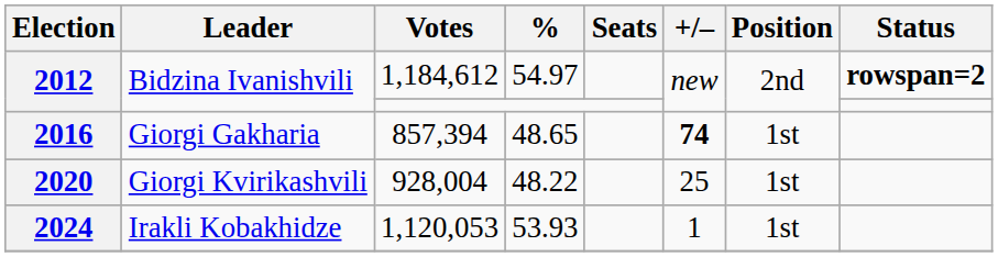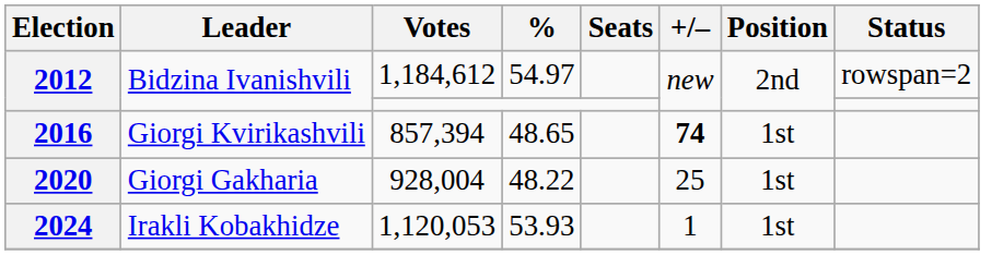 <table class="wikitable" style="text-align: center;">
 <tr>
 <th>Election</th>
 <th>Leader</th>
 <th>Votes</th>
 <th>%</th>
 <th>Seats</th>
 <th>+/–</th>
 <th>Position</th>
 <th>Status</th>
 </tr>
 <tr>
 <th rowspan=2><a href='#'>2012</a></th>
 <td rowspan=2 align="left"><a href='#'>Bidzina Ivanishvili</a></td>
 <td>1,184,612</td>
 <td>54.97</td>
 <td></td>
 <td rowspan=2><em>new</em></td>
 <td rowspan=2>2nd</td>
-<td><strong>rowspan=2 </strong></td>
+<td>rowspan=2 </td>
 </tr>
 <tr>
 <td colspan=3></td>
 </tr>
 <tr>
 <th><a href='#'>2016</a></th>
-<td align="left"><a href='#'>Giorgi Gakharia</a></td>
+<td align="left"><a href='#'>Giorgi Kvirikashvili</a></td>
 <td>857,394</td>
 <td>48.65</td>
 <td align=left></td>
 <td><strong> 74</strong></td>
 <td> 1st</td>
 <td></td>
 </tr>
 <tr>
 <th><a href='#'>2020</a></th>
-<td align="left"><a href='#'>Giorgi Kvirikashvili</a></td>
+<td align="left"><a href='#'>Giorgi Gakharia</a></td>
 <td>928,004</td>
 <td>48.22</td>
 <td></td>
 <td> 25</td>
 <td> 1st</td>
 <td></td>
 </tr>
 <tr>
 <th><a href='#'>2024</a></th>
 <td align="left"><a href='#'>Irakli Kobakhidze</a></td>
 <td>1,120,053</td>
 <td>53.93</td>
 <td></td>
 <td> 1</td>
 <td> 1st</td>
 <td></td>
 </tr>
 <tr>
 </tr>
 </table>
